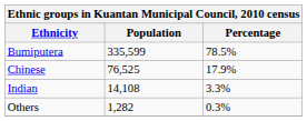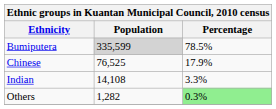 <table class="wikitable">
 <tr>
 <th style="text-align:center;" colspan="3">Ethnic groups in Kuantan Municipal Council, 2010 census</th>
 </tr>
 <tr>
 <th><a href='#'>Ethnicity</a></th>
 <th>Population</th>
 <th>Percentage</th>
 </tr>
 <tr>
 <td><a href='#'>Bumiputera</a></td>
-<td>335,599</td>
+<td style="background: lightgrey;">335,599</td>
 <td>78.5%</td>
 </tr>
 <tr>
 <td><a href='#'>Chinese</a></td>
 <td>76,525</td>
 <td>17.9%</td>
 </tr>
 <tr>
 <td><a href='#'>Indian</a></td>
 <td>14,108</td>
 <td>3.3%</td>
 </tr>
 <tr>
 <td>Others</td>
 <td>1,282</td>
-<td>0.3%</td>
+<td style="background: lightgreen;">0.3%</td>
 </tr>
 <tr>
 </tr>
 </table>
